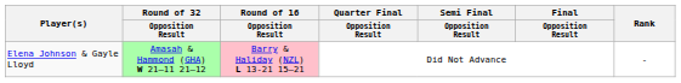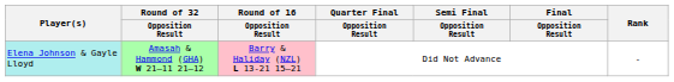 <table class=wikitable style="font-size:90%">
 <tr>
 <th rowspan="2" style="width:150px;">Player(s)</th>
 <th width=125>Round of 32</th>
 <th width=125>Round of 16</th>
 <th width=125>Quarter Final</th>
 <th width=125>Semi Final</th>
 <th width=125>Final</th>
 <th rowspan="2" style="width:75px;">Rank</th>
 </tr>
 <tr>
 <th style="line-height:1em"><small>Opposition<br>Result</small></th>
 <th style="line-height:1em"><small>Opposition<br>Result</small></th>
 <th style="line-height:1em"><small>Opposition<br>Result</small></th>
 <th style="line-height:1em"><small>Opposition<br>Result</small></th>
 <th style="line-height:1em"><small>Opposition<br>Result</small></th>
 </tr>
 <tr>
-<td><a href='#'>Elena Johnson</a> & Gayle Lloyd</td>
+<td style="background: paleturquoise;"><a href='#'>Elena Johnson</a> & Gayle Lloyd</td>
 <td style="text-align:center; background:#afa;"> <a href='#'>Amasah</a> &<br><a href='#'>Hammond</a> (<a href='#'>GHA</a>)<br><strong>W</strong> 21–11 21–12</td>
 <td style="text-align:center; background:pink;"> <a href='#'>Barry</a> &<br><a href='#'>Haliday</a> (<a href='#'>NZL</a>)<br><strong>L</strong> 13-21 15–21</td>
 <td colspan="3" style="text-align:center; background:white;">Did Not Advance</td>
 <td style="text-align:center; background:white;">-</td>
 </tr>
 </table>
